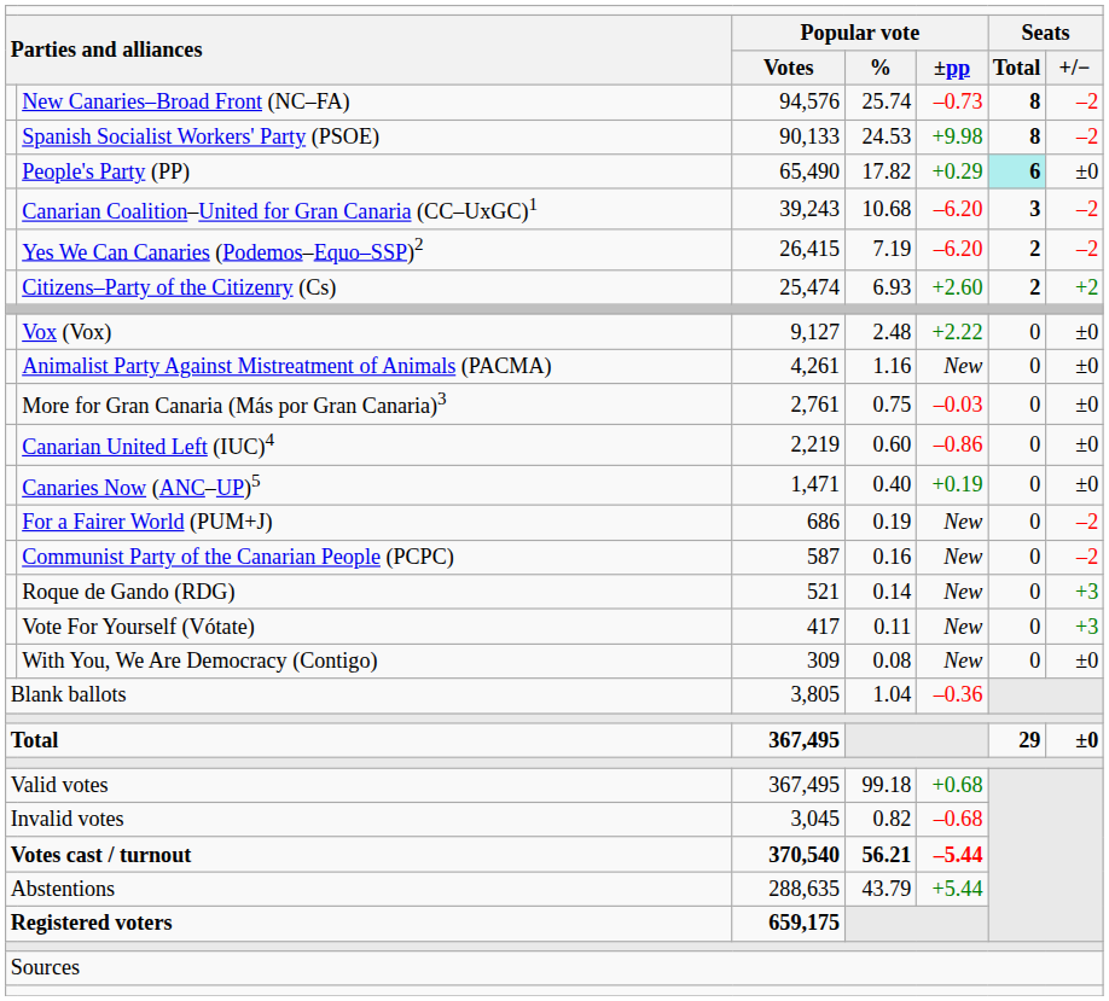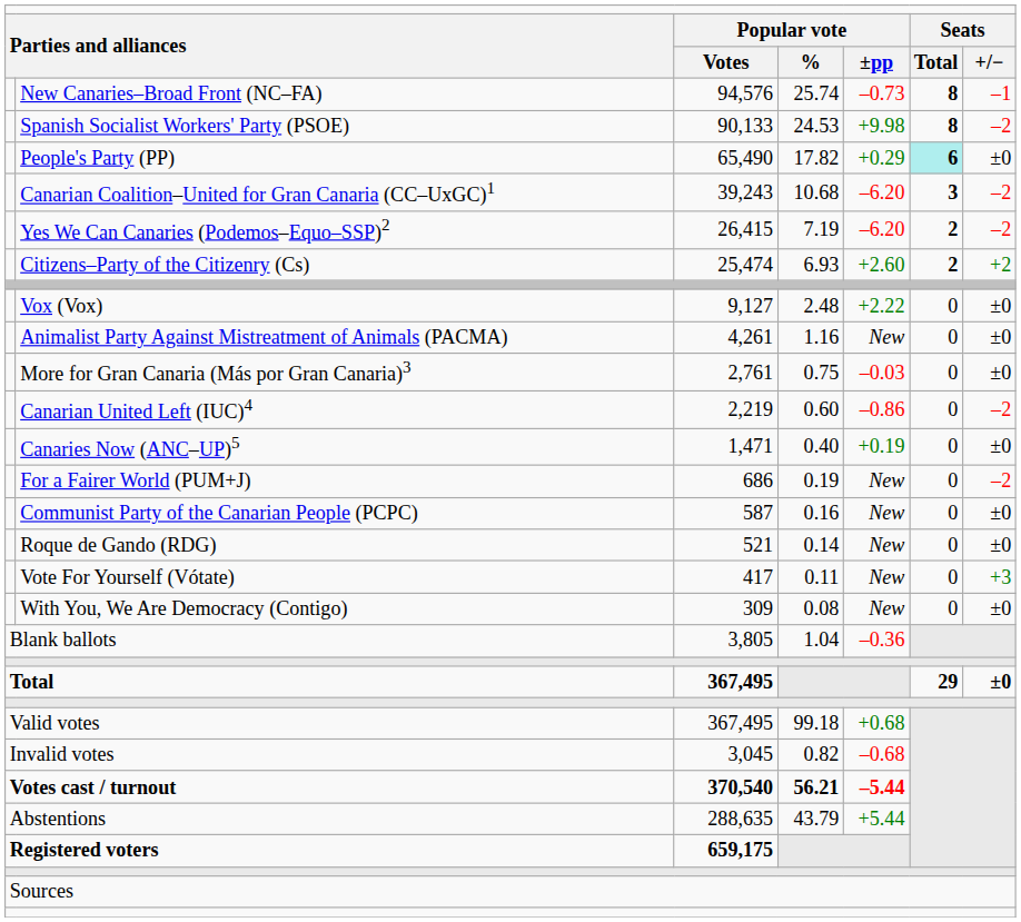 <table class="wikitable" style="text-align:right;">
 <tr>
 <td colspan="7"></td>
 </tr>
 <tr>
 <th style="text-align:left;" rowspan="2" colspan="2" width="525">Parties and alliances</th>
 <th colspan="3">Popular vote</th>
 <th colspan="2">Seats</th>
 </tr>
 <tr>
 <th width="75">Votes</th>
 <th width="45">%</th>
 <th width="45">±<a href='#'>pp</a></th>
 <th width="35">Total</th>
 <th width="35">+/−</th>
 </tr>
 <tr>
 <td width="1" style="color:inherit;background:"></td>
 <td align="left"><a href='#'>New Canaries–Broad Front</a> (NC–FA)</td>
 <td>94,576</td>
 <td>25.74</td>
 <td style="color:red;">–0.73</td>
 <td><strong>8</strong></td>
-<td style="color:red;">–2</td>
+<td style="color:red;">–1</td>
 </tr>
 <tr>
 <td style="color:inherit;background:"></td>
 <td align="left"><a href='#'>Spanish Socialist Workers' Party</a> (PSOE)</td>
 <td>90,133</td>
 <td>24.53</td>
 <td style="color:green;">+9.98</td>
 <td><strong>8</strong></td>
 <td style="color:red;">–2</td>
 </tr>
 <tr>
 <td style="color:inherit;background:"></td>
 <td align="left"><a href='#'>People's Party</a> (PP)</td>
 <td>65,490</td>
 <td>17.82</td>
 <td style="color:green;">+0.29</td>
 <td style="background: paleturquoise;"><strong>6</strong></td>
 <td>±0</td>
 </tr>
 <tr>
 <td style="color:inherit;background:"></td>
 <td align="left"><a href='#'>Canarian Coalition</a>–<a href='#'>United for Gran Canaria</a> (CC–UxGC)<sup>1</sup></td>
 <td>39,243</td>
 <td>10.68</td>
 <td style="color:red;">–6.20</td>
 <td><strong>3</strong></td>
 <td style="color:red;">–2</td>
 </tr>
 <tr>
 <td style="color:inherit;background:"></td>
 <td align="left"><a href='#'>Yes We Can Canaries</a> (<a href='#'>Podemos</a>–<a href='#'>Equo–SSP</a>)<sup>2</sup></td>
 <td>26,415</td>
 <td>7.19</td>
 <td style="color:red;">–6.20</td>
 <td><strong>2</strong></td>
 <td style="color:red;">–2</td>
 </tr>
 <tr>
 <td style="color:inherit;background:"></td>
 <td align="left"><a href='#'>Citizens–Party of the Citizenry</a> (Cs)</td>
 <td>25,474</td>
 <td>6.93</td>
 <td style="color:green;">+2.60</td>
 <td><strong>2</strong></td>
 <td style="color:green;">+2</td>
 </tr>
 <tr>
 <td colspan="7" bgcolor="#C0C0C0"></td>
 </tr>
 <tr>
 <td style="color:inherit;background:"></td>
 <td align="left"><a href='#'>Vox</a> (Vox)</td>
 <td>9,127</td>
 <td>2.48</td>
 <td style="color:green;">+2.22</td>
 <td>0</td>
 <td>±0</td>
 </tr>
 <tr>
 <td style="color:inherit;background:"></td>
 <td align="left"><a href='#'>Animalist Party Against Mistreatment of Animals</a> (PACMA)</td>
 <td>4,261</td>
 <td>1.16</td>
 <td><em>New</em></td>
 <td>0</td>
 <td>±0</td>
 </tr>
 <tr>
 <td style="color:inherit;background:"></td>
 <td align="left">More for Gran Canaria (Más por Gran Canaria)<sup>3</sup></td>
 <td>2,761</td>
 <td>0.75</td>
 <td style="color:red;">–0.03</td>
 <td>0</td>
 <td>±0</td>
 </tr>
 <tr>
 <td style="color:inherit;background:"></td>
 <td align="left"><a href='#'>Canarian United Left</a> (IUC)<sup>4</sup></td>
 <td>2,219</td>
 <td>0.60</td>
 <td style="color:red;">–0.86</td>
 <td>0</td>
-<td>±0</td>
+<td style="color:red;">–2</td>
 </tr>
 <tr>
 <td style="color:inherit;background:"></td>
 <td align="left"><a href='#'>Canaries Now</a> (<a href='#'>ANC</a>–<a href='#'>UP</a>)<sup>5</sup></td>
 <td>1,471</td>
 <td>0.40</td>
 <td style="color:green;">+0.19</td>
 <td>0</td>
 <td>±0</td>
 </tr>
 <tr>
 <td style="color:inherit;background:"></td>
 <td align="left"><a href='#'>For a Fairer World</a> (PUM+J)</td>
 <td>686</td>
 <td>0.19</td>
 <td><em>New</em></td>
 <td>0</td>
 <td style="color:red;">–2</td>
 </tr>
 <tr>
 <td style="color:inherit;background:"></td>
 <td align="left"><a href='#'>Communist Party of the Canarian People</a> (PCPC)</td>
 <td>587</td>
 <td>0.16</td>
 <td><em>New</em></td>
 <td>0</td>
-<td style="color:red;">–2</td>
+<td>±0</td>
 </tr>
 <tr>
 <td style="color:inherit;background:"></td>
 <td align="left">Roque de Gando (RDG)</td>
 <td>521</td>
 <td>0.14</td>
 <td><em>New</em></td>
 <td>0</td>
-<td style="color:green;">+3</td>
+<td>±0</td>
 </tr>
 <tr>
 <td style="color:inherit;background:"></td>
 <td align="left">Vote For Yourself (Vótate)</td>
 <td>417</td>
 <td>0.11</td>
 <td><em>New</em></td>
 <td>0</td>
 <td style="color:green;">+3</td>
 </tr>
 <tr>
 <td style="color:inherit;background:"></td>
 <td align="left">With You, We Are Democracy (Contigo)</td>
 <td>309</td>
 <td>0.08</td>
 <td><em>New</em></td>
 <td>0</td>
 <td>±0</td>
 </tr>
 <tr>
 <td align="left" colspan="2">Blank ballots</td>
 <td>3,805</td>
 <td>1.04</td>
 <td style="color:red;">–0.36</td>
 <td bgcolor="#E9E9E9" colspan="2"></td>
 </tr>
 <tr>
 <td colspan="7" bgcolor="#E9E9E9"></td>
 </tr>
 <tr style="font-weight:bold;">
 <td align="left" colspan="2">Total</td>
 <td>367,495</td>
 <td bgcolor="#E9E9E9" colspan="2"></td>
 <td>29</td>
 <td>±0</td>
 </tr>
 <tr>
 <td colspan="7" bgcolor="#E9E9E9"></td>
 </tr>
 <tr>
 <td align="left" colspan="2">Valid votes</td>
 <td>367,495</td>
 <td>99.18</td>
 <td style="color:green;">+0.68</td>
 <td bgcolor="#E9E9E9" colspan="2" rowspan="5"></td>
 </tr>
 <tr>
 <td align="left" colspan="2">Invalid votes</td>
 <td>3,045</td>
 <td>0.82</td>
 <td style="color:red;">–0.68</td>
 </tr>
 <tr style="font-weight:bold;">
 <td align="left" colspan="2">Votes cast / turnout</td>
 <td>370,540</td>
 <td>56.21</td>
 <td style="color:red;">–5.44</td>
 </tr>
 <tr>
 <td align="left" colspan="2">Abstentions</td>
 <td>288,635</td>
 <td>43.79</td>
 <td style="color:green;">+5.44</td>
 </tr>
 <tr style="font-weight:bold;">
 <td align="left" colspan="2">Registered voters</td>
 <td>659,175</td>
 <td bgcolor="#E9E9E9" colspan="2"></td>
 </tr>
 <tr>
 <td colspan="7" bgcolor="#E9E9E9"></td>
 </tr>
 <tr>
 <td align="left" colspan="7">Sources</td>
 </tr>
 <tr>
 <td colspan="7" style="text-align:left; max-width:790px;"></td>
 </tr>
 </table>
